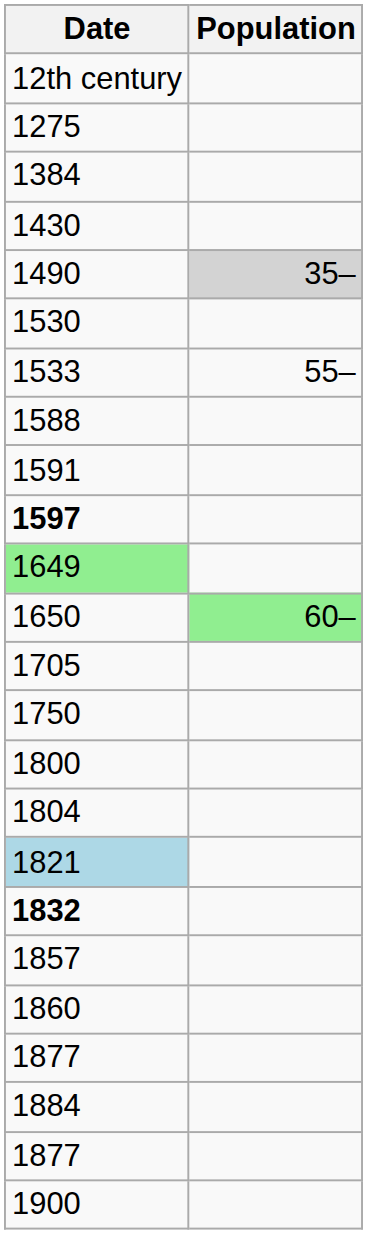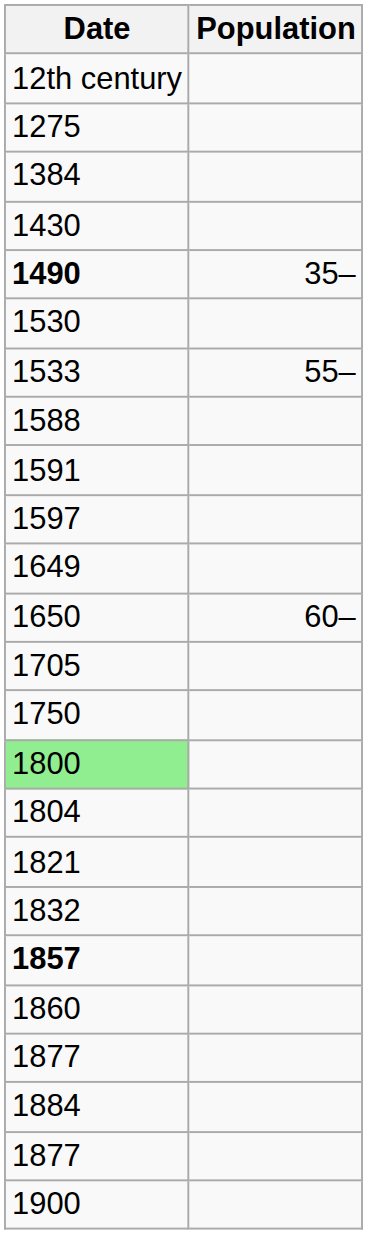 <table class="wikitable">
 <tr>
 <th>Date</th>
 <th colspan="2">Population</th>
 </tr>
 <tr>
 <td>12th century</td>
 <td align = right></td>
 </tr>
 <tr>
 <td>1275</td>
 <td align = right></td>
 </tr>
 <tr>
 <td>1384</td>
 <td align = right></td>
 </tr>
 <tr>
 <td>1430</td>
 <td align = right></td>
 </tr>
 <tr>
-<td>1490</td>
-<td align = right style="background: lightgrey;">35–</td>
+<td><strong>1490</strong></td>
+<td align = right>35–</td>
 </tr>
 <tr>
 <td>1530</td>
 <td align = right></td>
 </tr>
 <tr>
 <td>1533</td>
 <td align = right>55–</td>
 </tr>
 <tr>
 <td>1588</td>
 <td align = right></td>
 </tr>
 <tr>
 <td>1591</td>
 <td align = right></td>
 </tr>
 <tr>
-<td><strong>1597</strong></td>
+<td>1597</td>
 <td align = right></td>
 </tr>
 <tr>
-<td style="background: lightgreen;">1649</td>
+<td>1649</td>
 <td align = right></td>
 </tr>
 <tr>
 <td>1650</td>
-<td align = right style="background: lightgreen;">60–</td>
+<td align = right>60–</td>
 </tr>
 <tr>
 <td>1705</td>
 <td align = right></td>
 </tr>
 <tr>
 <td>1750</td>
 <td align = right></td>
 </tr>
 <tr>
-<td>1800</td>
+<td style="background: lightgreen;">1800</td>
 <td align = right></td>
 </tr>
 <tr>
 <td>1804</td>
 <td align = right></td>
 </tr>
 <tr>
-<td style="background: lightblue;">1821</td>
+<td>1821</td>
 <td align = right></td>
 </tr>
 <tr>
-<td><strong>1832</strong></td>
+<td>1832</td>
 <td align = right></td>
 </tr>
 <tr>
-<td>1857</td>
+<td><strong>1857</strong></td>
 <td align = right></td>
 </tr>
 <tr>
 <td>1860</td>
 <td align = right></td>
 </tr>
 <tr>
 <td>1877</td>
 <td align = right></td>
 </tr>
 <tr>
 <td>1884</td>
 <td align = right></td>
 </tr>
 <tr>
 <td>1877</td>
 <td align = right></td>
 </tr>
 <tr>
 <td>1900</td>
 <td align = right></td>
 </tr>
 </table>
